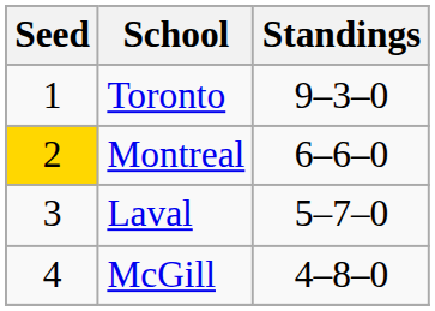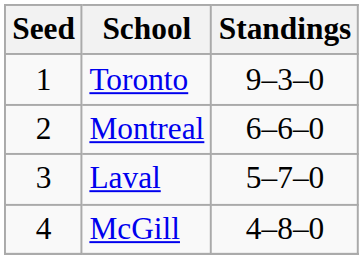 <table class="wikitable">
 <tr>
 <th>Seed</th>
 <th>School</th>
 <th>Standings</th>
 </tr>
 <tr>
 <td align=center>1</td>
 <td><a href='#'>Toronto</a></td>
 <td align=center>9–3–0</td>
 </tr>
 <tr>
-<td align=center style="background: gold;">2</td>
+<td align=center>2</td>
 <td><a href='#'>Montreal</a></td>
 <td align=center>6–6–0</td>
 </tr>
 <tr>
 <td align=center>3</td>
 <td><a href='#'>Laval</a></td>
 <td align=center>5–7–0</td>
 </tr>
 <tr>
 <td align=center>4</td>
 <td><a href='#'>McGill</a></td>
 <td align=center>4–8–0</td>
 </tr>
 <tr>
 </tr>
 </table>
